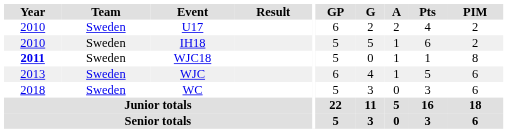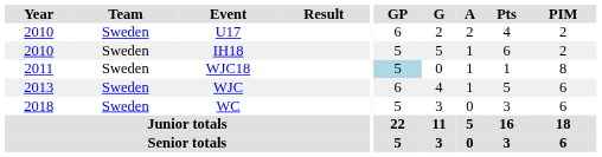 <table border="0" cellpadding="1" cellspacing="0" ID="Table3" style="text-align:center; width:40em;">
 <tr bgcolor="#e0e0e0">
 <th>Year</th>
 <th>Team</th>
 <th>Event</th>
 <th>Result</th>
 <th rowspan="99" bgcolor="#ffffff"></th>
 <th>GP</th>
 <th>G</th>
 <th>A</th>
 <th>Pts</th>
 <th>PIM</th>
 </tr>
 <tr>
 <td><a href='#'>2010</a></td>
 <td><a href='#'>Sweden</a></td>
 <td><a href='#'>U17</a></td>
 <td></td>
 <td>6</td>
 <td>2</td>
 <td>2</td>
 <td>4</td>
 <td>2</td>
 </tr>
 <tr bgcolor="#f0f0f0">
 <td><a href='#'>2010</a></td>
 <td>Sweden</td>
 <td><a href='#'>IH18</a></td>
 <td></td>
 <td>5</td>
 <td>5</td>
 <td>1</td>
 <td>6</td>
 <td>2</td>
 </tr>
 <tr>
-<td><strong><a href='#'>2011</a></strong></td>
+<td><a href='#'>2011</a></td>
 <td>Sweden</td>
 <td><a href='#'>WJC18</a></td>
 <td></td>
-<td>5</td>
+<td style="background: lightblue;">5</td>
 <td>0</td>
 <td>1</td>
 <td>1</td>
 <td>8</td>
 </tr>
 <tr bgcolor="#f0f0f0">
 <td><a href='#'>2013</a></td>
 <td><a href='#'>Sweden</a></td>
 <td><a href='#'>WJC</a></td>
 <td></td>
 <td>6</td>
 <td>4</td>
 <td>1</td>
 <td>5</td>
 <td>6</td>
 </tr>
 <tr>
 <td><a href='#'>2018</a></td>
 <td><a href='#'>Sweden</a></td>
 <td><a href='#'>WC</a></td>
 <td></td>
 <td>5</td>
 <td>3</td>
 <td>0</td>
 <td>3</td>
 <td>6</td>
 </tr>
 <tr bgcolor="#e0e0e0">
 <th colspan="4">Junior totals</th>
 <th>22</th>
 <th>11</th>
 <th>5</th>
 <th>16</th>
 <th>18</th>
 </tr>
 <tr bgcolor="#e0e0e0">
 <th colspan="4">Senior totals</th>
 <th>5</th>
 <th>3</th>
 <th>0</th>
 <th>3</th>
 <th>6</th>
 </tr>
 </table>
